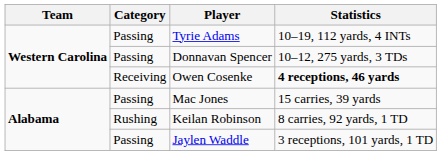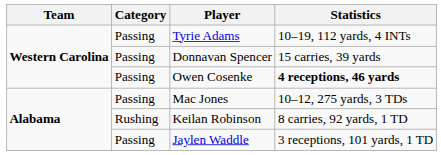 <table class="wikitable" style="float: right;">
 <tr>
 <th>Team</th>
 <th>Category</th>
 <th>Player</th>
 <th>Statistics</th>
 </tr>
 <tr>
 <td rowspan=3><strong>Western  Carolina</strong></td>
 <td>Passing</td>
 <td><a href='#'>Tyrie Adams</a></td>
 <td>10–19, 112 yards, 4 INTs</td>
 </tr>
 <tr>
 <td>Passing</td>
 <td>Donnavan Spencer</td>
-<td>10–12, 275 yards, 3 TDs</td>
+<td>15 carries, 39 yards</td>
 </tr>
 <tr>
-<td>Receiving</td>
+<td>Passing</td>
 <td>Owen Cosenke</td>
 <td><strong>4 receptions, 46 yards</strong></td>
 </tr>
 <tr>
 <td rowspan=3><strong>Alabama</strong></td>
 <td>Passing</td>
 <td>Mac Jones</td>
-<td>15 carries, 39 yards</td>
+<td>10–12, 275 yards, 3 TDs</td>
 </tr>
 <tr>
 <td>Rushing</td>
 <td>Keilan Robinson</td>
 <td>8 carries, 92 yards, 1 TD</td>
 </tr>
 <tr>
 <td>Passing</td>
 <td><a href='#'>Jaylen Waddle</a></td>
 <td>3 receptions, 101 yards, 1 TD</td>
 </tr>
 </table>
